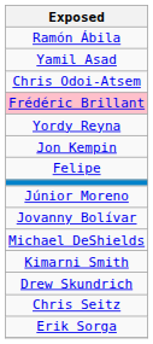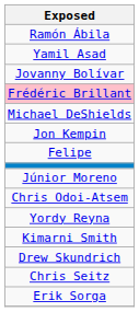 <table class="wikitable" style="text-align:center">
 <tr>
 <th>Exposed</th>
 </tr>
 <tr>
 <td><a href='#'>Ramón Ábila</a></td>
 </tr>
 <tr>
 <td><a href='#'>Yamil Asad</a></td>
 </tr>
 <tr>
-<td><a href='#'>Chris Odoi-Atsem</a></td>
+<td><a href='#'>Jovanny Bolívar</a></td>
 </tr>
 <tr>
 <td style="background: pink;"><a href='#'>Frédéric Brillant</a></td>
 </tr>
 <tr>
-<td><a href='#'>Yordy Reyna</a></td>
+<td><a href='#'>Michael DeShields</a></td>
 </tr>
 <tr>
 <td><a href='#'>Jon Kempin</a></td>
 </tr>
 <tr>
 <td><a href='#'>Felipe</a></td>
 </tr>
 <tr>
 <td style="background: #0082CA"></td>
 </tr>
 <tr>
 <td><a href='#'>Júnior Moreno</a></td>
 </tr>
 <tr>
-<td><a href='#'>Jovanny Bolívar</a></td>
+<td><a href='#'>Chris Odoi-Atsem</a></td>
 </tr>
 <tr>
-<td><a href='#'>Michael DeShields</a></td>
+<td><a href='#'>Yordy Reyna</a></td>
 </tr>
 <tr>
 <td><a href='#'>Kimarni Smith</a></td>
 </tr>
 <tr>
 <td><a href='#'>Drew Skundrich</a></td>
 </tr>
 <tr>
 <td><a href='#'>Chris Seitz</a></td>
 </tr>
 <tr>
 <td><a href='#'>Erik Sorga</a></td>
 </tr>
 <tr>
 </tr>
 </table>
